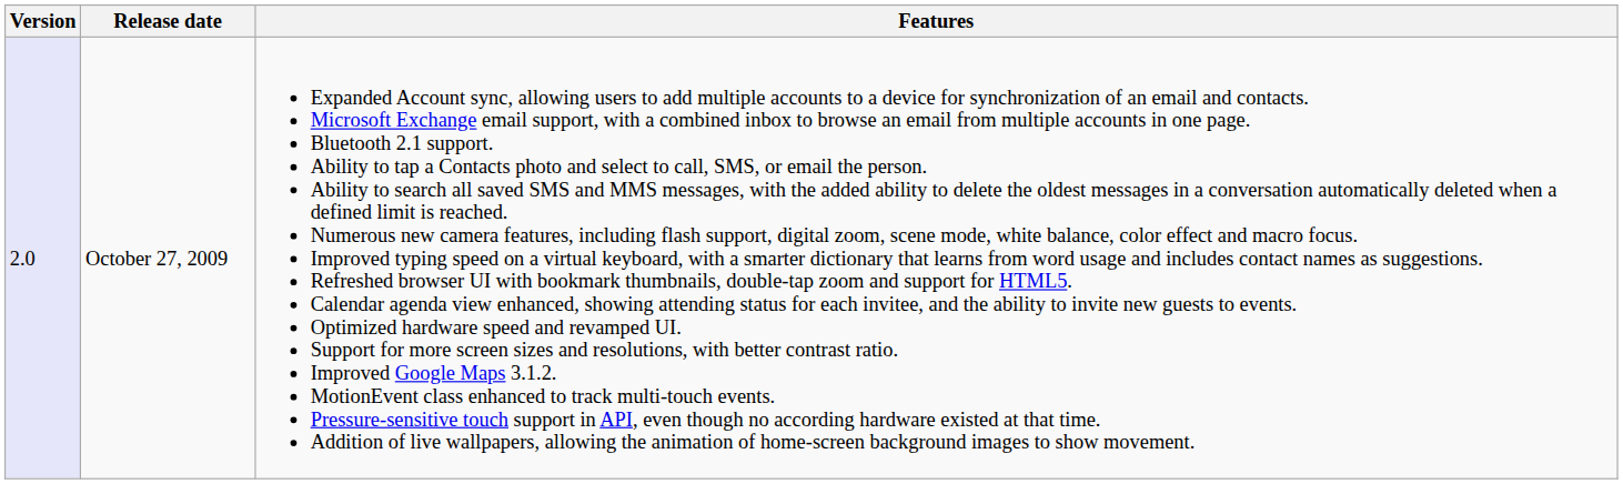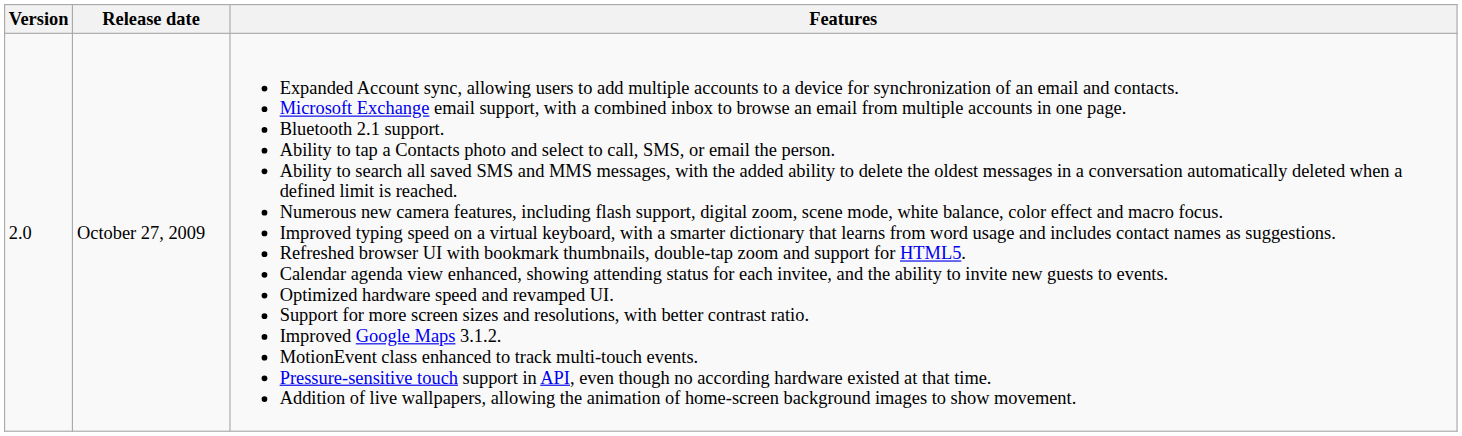 <table class="wikitable" style="width:100%;">
 <tr>
 <th style="width:2%;">Version</th>
 <th style="width:11%;">Release date</th>
 <th style="width:87%;">Features</th>
 </tr>
 <tr>
-<td style="background: lavender;">2.0</td>
+<td>2.0</td>
 <td>October 27, 2009</td>
 <td><br><ul><li>Expanded Account sync, allowing users to add multiple accounts to a device for synchronization of an email and contacts.</li><li><a href='#'>Microsoft Exchange</a> email support, with a combined inbox to browse an email from multiple accounts in one page.</li><li>Bluetooth 2.1 support.</li><li>Ability to tap a Contacts photo and select to call, SMS, or email the person.</li><li>Ability to search all saved SMS and MMS messages, with the added ability to delete the oldest messages in a conversation automatically deleted when a defined limit is reached.</li><li>Numerous new camera features, including flash support, digital zoom, scene mode, white balance, color effect and macro focus.</li><li>Improved typing speed on a virtual keyboard, with a smarter dictionary that learns from word usage and includes contact names as suggestions.</li><li>Refreshed browser UI with bookmark thumbnails, double-tap zoom and support for <a href='#'>HTML5</a>.</li><li>Calendar agenda view enhanced, showing attending status for each invitee, and the ability to invite new guests to events.</li><li>Optimized hardware speed and revamped UI.</li><li>Support for more screen sizes and resolutions, with better contrast ratio.</li><li>Improved <a href='#'>Google Maps</a> 3.1.2.</li><li>MotionEvent class enhanced to track multi-touch events.</li><li><a href='#'>Pressure-sensitive touch</a> support in <a href='#'>API</a>, even though no according hardware existed at that time.</li><li>Addition of live wallpapers, allowing the animation of home-screen background images to show movement.</li></ul></td>
 </tr>
 </table>
